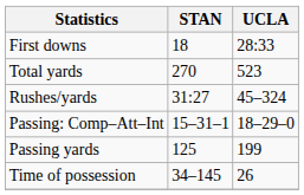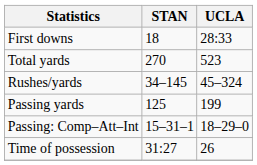 <table class="wikitable" style="float: left;">
 <tr>
 <th>Statistics</th>
 <th>STAN</th>
 <th>UCLA</th>
 </tr>
 <tr>
 <td>First downs</td>
 <td>18</td>
 <td>28:33</td>
 </tr>
 <tr>
 <td>Total yards</td>
 <td>270</td>
 <td>523</td>
 </tr>
 <tr>
 <td>Rushes/yards</td>
-<td>31:27</td>
+<td>34–145</td>
 <td>45–324</td>
+</tr>
+<tr>
+<td>Passing yards</td>
+<td>125</td>
+<td>199</td>
 </tr>
 <tr>
 <td>Passing: Comp–Att–Int</td>
 <td>15–31–1</td>
 <td>18–29–0</td>
 </tr>
 <tr>
-<td>Passing yards</td>
-<td>125</td>
-<td>199</td>
-</tr>
-<tr>
 <td>Time of possession</td>
-<td>34–145</td>
+<td>31:27</td>
 <td>26</td>
 </tr>
 <tr>
 </tr>
 </table>
